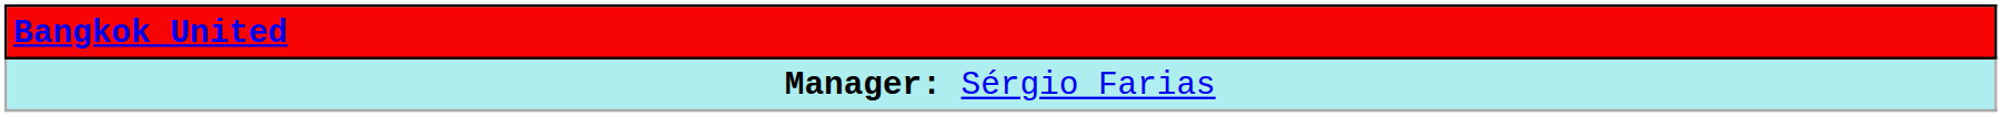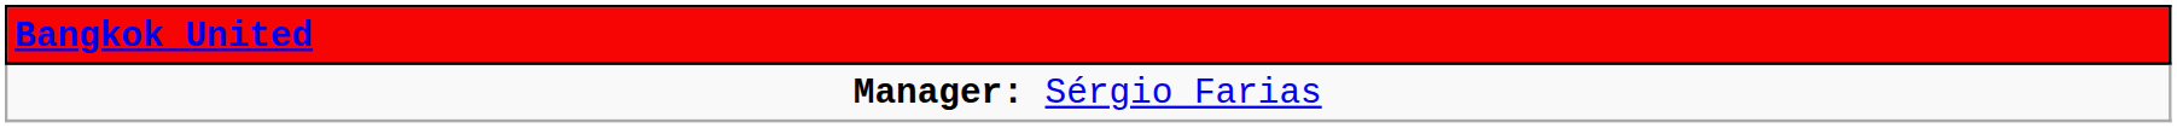 <table class="wikitable" style="width:40%; text-align:center">
 <tr>
 <th colspan="7" style="text-align:left;  background:#f70505;color:white;border:1px solid black"> <a href='#'><span>Bangkok United</span></a></th>
 </tr>
 <tr>
-<td style="background: paleturquoise;"><strong>Manager:</strong>  <a href='#'>Sérgio Farias</a></td>
+<td><strong>Manager:</strong>  <a href='#'>Sérgio Farias</a></td>
 </tr>
 <tr>
 </tr>
 </table>
